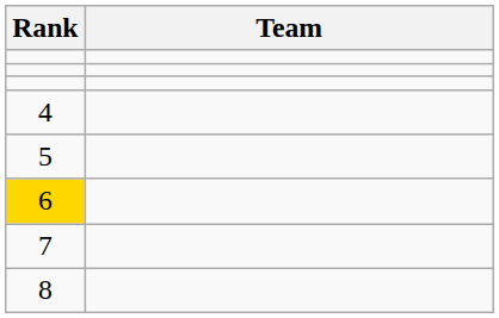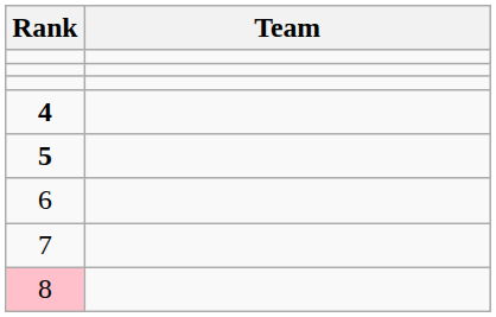 <table class="wikitable">
 <tr>
 <th>Rank</th>
 <th style="width:14em">Team</th>
 </tr>
 <tr>
 <td align=center></td>
 <td></td>
 </tr>
 <tr>
 <td align=center></td>
 <td></td>
 </tr>
 <tr>
 <td align=center></td>
 <td></td>
 </tr>
 <tr>
-<td align=center>4</td>
+<td align=center><strong>4</strong></td>
 <td></td>
 </tr>
 <tr>
-<td align=center>5</td>
+<td align=center><strong>5</strong></td>
 <td></td>
 </tr>
 <tr>
-<td align=center style="background: gold;">6</td>
+<td align=center>6</td>
 <td></td>
 </tr>
 <tr>
 <td align=center>7</td>
 <td></td>
 </tr>
 <tr>
-<td align=center>8</td>
+<td align=center style="background: pink;">8</td>
 <td></td>
 </tr>
 </table>
